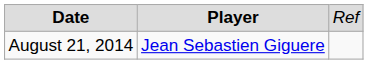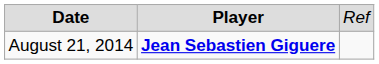 <table class="wikitable">
 <tr style="text-align:center; background:#ddd;">
 <td><strong>Date</strong></td>
 <td><strong>Player</strong></td>
 <td><em>Ref</em></td>
 </tr>
 <tr>
 <td>August 21, 2014</td>
-<td><a href='#'>Jean Sebastien Giguere</a></td>
+<td><strong><a href='#'>Jean Sebastien Giguere</a></strong></td>
 <td></td>
 </tr>
 </table>
